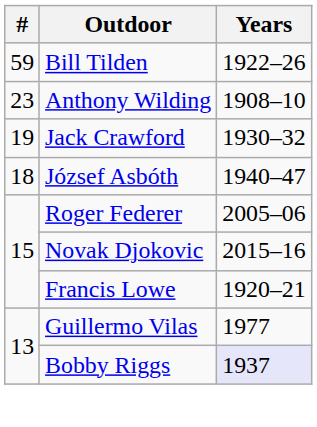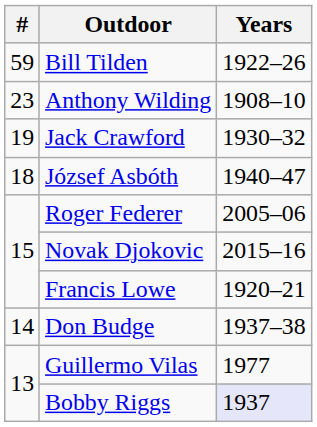 <table class=wikitable style="display:inline-table;">
 <tr>
 <th>#</th>
 <th>Outdoor</th>
 <th>Years</th>
 </tr>
 <tr>
 <td>59</td>
 <td> <a href='#'>Bill Tilden</a></td>
 <td>1922–26</td>
 </tr>
 <tr>
 <td>23</td>
 <td> <a href='#'>Anthony Wilding</a></td>
 <td>1908–10</td>
 </tr>
 <tr>
 <td>19</td>
 <td> <a href='#'>Jack Crawford</a></td>
 <td>1930–32</td>
 </tr>
 <tr>
 <td>18</td>
 <td> <a href='#'>József Asbóth</a></td>
 <td>1940–47</td>
 </tr>
 <tr>
 <td rowspan="3">15</td>
 <td> <a href='#'>Roger Federer</a></td>
 <td>2005–06</td>
 </tr>
 <tr>
 <td> <a href='#'>Novak Djokovic</a></td>
 <td>2015–16</td>
 </tr>
 <tr>
 <td> <a href='#'>Francis Lowe</a></td>
 <td>1920–21</td>
 </tr>
 <tr>
+<td>14</td>
+<td> <a href='#'>Don Budge</a></td>
+<td>1937–38</td>
+</tr>
+<tr>
 <td rowspan="2">13</td>
 <td> <a href='#'>Guillermo Vilas</a></td>
 <td>1977</td>
 </tr>
 <tr>
 <td> <a href='#'>Bobby Riggs</a></td>
 <td style="background: lavender;">1937</td>
 </tr>
 </table>
